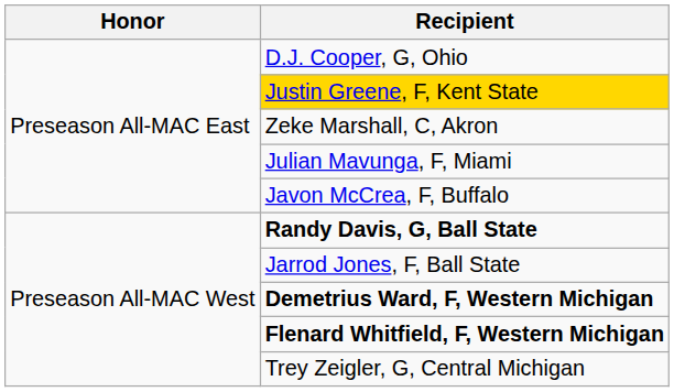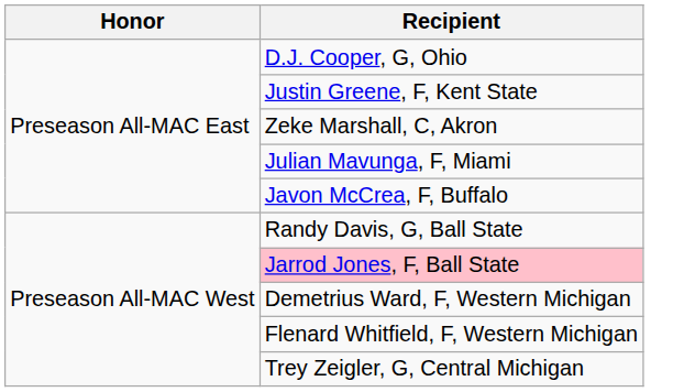 <table class="wikitable" border="1">
 <tr>
 <th>Honor</th>
 <th>Recipient</th>
 </tr>
 <tr>
 <td rowspan=5 valign=middle>Preseason All-MAC East</td>
 <td><a href='#'>D.J. Cooper</a>, G, Ohio</td>
 </tr>
 <tr>
-<td style="background: gold;"><a href='#'>Justin Greene</a>, F, Kent State</td>
+<td><a href='#'>Justin Greene</a>, F, Kent State</td>
 </tr>
 <tr>
 <td>Zeke Marshall, C, Akron</td>
 </tr>
 <tr>
 <td><a href='#'>Julian Mavunga</a>, F, Miami</td>
 </tr>
 <tr>
 <td><a href='#'>Javon McCrea</a>, F, Buffalo</td>
 </tr>
 <tr>
 <td rowspan=6 valign=middle>Preseason All-MAC West</td>
-<td><strong>Randy Davis, G, Ball State</strong></td>
+<td>Randy Davis, G, Ball State</td>
 </tr>
 <tr>
-<td><a href='#'>Jarrod Jones</a>, F, Ball State</td>
+<td style="background: pink;"><a href='#'>Jarrod Jones</a>, F, Ball State</td>
 </tr>
 <tr>
-<td><strong>Demetrius Ward, F, Western Michigan</strong></td>
+<td>Demetrius Ward, F, Western Michigan</td>
 </tr>
 <tr>
-<td><strong>Flenard Whitfield, F, Western Michigan</strong></td>
+<td>Flenard Whitfield, F, Western Michigan</td>
 </tr>
 <tr>
 <td>Trey Zeigler, G, Central Michigan</td>
 </tr>
 </table>
